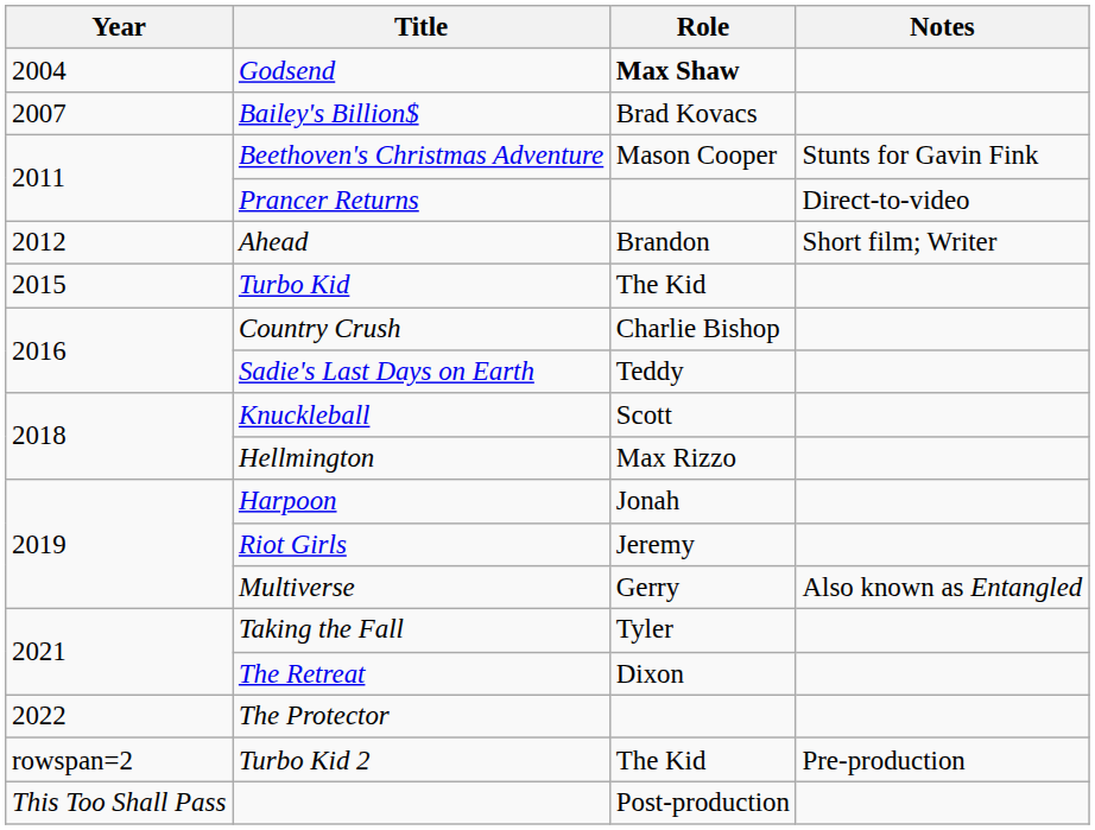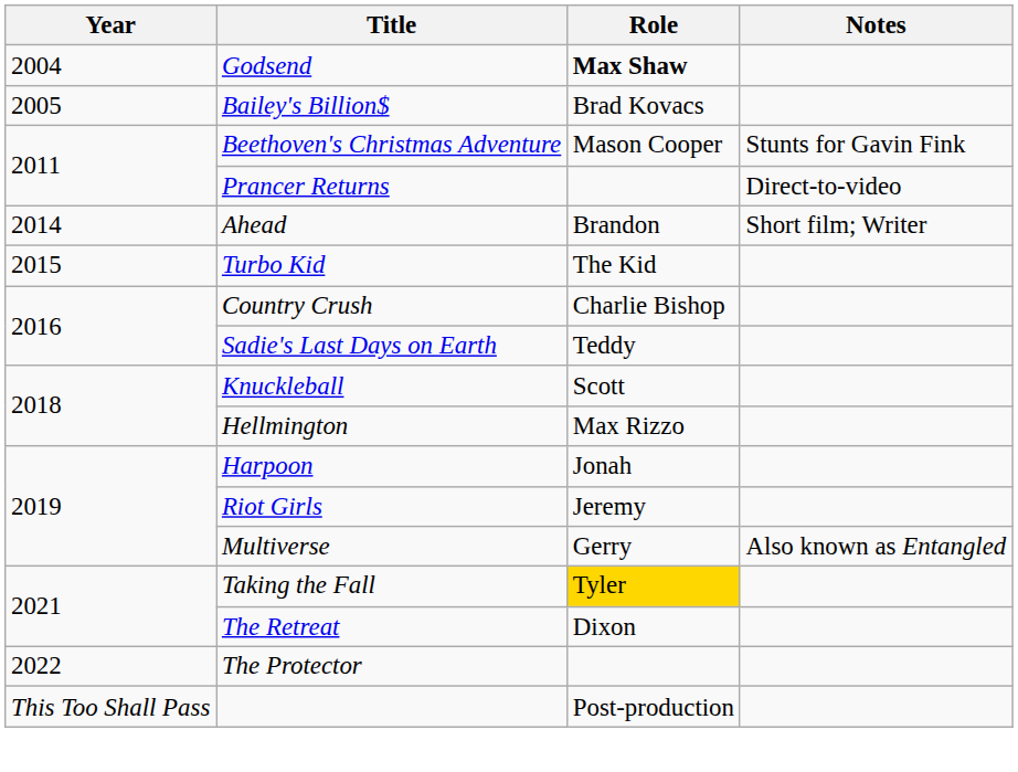 <table class="wikitable sortable">
 <tr>
 <th>Year</th>
 <th>Title</th>
 <th>Role</th>
 <th class="unsortable">Notes</th>
 </tr>
 <tr>
 <td>2004</td>
 <td><em><a href='#'>Godsend</a></em></td>
 <td><strong>Max Shaw</strong></td>
 <td></td>
 </tr>
 <tr>
-<td>2007</td>
+<td>2005</td>
 <td><em><a href='#'>Bailey's Billion$</a></em></td>
 <td>Brad Kovacs</td>
 <td></td>
 </tr>
 <tr>
 <td rowspan=2>2011</td>
 <td><em><a href='#'>Beethoven's Christmas Adventure</a></em></td>
 <td>Mason Cooper</td>
 <td>Stunts for Gavin Fink</td>
 </tr>
 <tr>
 <td><em><a href='#'>Prancer Returns</a></em></td>
 <td></td>
 <td>Direct-to-video</td>
 </tr>
 <tr>
-<td>2012</td>
+<td>2014</td>
 <td><em>Ahead</em></td>
 <td>Brandon</td>
 <td>Short film; Writer</td>
 </tr>
 <tr>
 <td>2015</td>
 <td><em><a href='#'>Turbo Kid</a></em></td>
 <td>The Kid</td>
 <td></td>
 </tr>
 <tr>
 <td rowspan=2>2016</td>
 <td><em>Country Crush</em></td>
 <td>Charlie Bishop</td>
 <td></td>
 </tr>
 <tr>
 <td><em><a href='#'>Sadie's Last Days on Earth</a></em></td>
 <td>Teddy</td>
 <td></td>
 </tr>
 <tr>
 <td rowspan=2>2018</td>
 <td><em><a href='#'>Knuckleball</a></em></td>
 <td>Scott</td>
 <td></td>
 </tr>
 <tr>
 <td><em>Hellmington</em></td>
 <td>Max Rizzo</td>
 <td></td>
 </tr>
 <tr>
 <td rowspan=3>2019</td>
 <td><em><a href='#'>Harpoon</a></em></td>
 <td>Jonah</td>
 <td></td>
 </tr>
 <tr>
 <td><em><a href='#'>Riot Girls</a></em></td>
 <td>Jeremy</td>
 <td></td>
 </tr>
 <tr>
 <td><em>Multiverse</em></td>
 <td>Gerry</td>
 <td>Also known as <em>Entangled</em></td>
 </tr>
 <tr>
 <td rowspan=2>2021</td>
 <td><em>Taking the Fall</em></td>
-<td>Tyler</td>
+<td style="background: gold;">Tyler</td>
 <td></td>
 </tr>
 <tr>
 <td data-sort-value="Retreat, The"><em><a href='#'>The Retreat</a></em></td>
 <td>Dixon</td>
 <td></td>
 </tr>
 <tr>
 <td>2022</td>
 <td data-sort-value="Protector, The"><em>The Protector</em></td>
 <td></td>
 <td></td>
 </tr>
 <tr>
-<td>rowspan=2 </td>
-<td><em>Turbo Kid 2</em></td>
-<td>The Kid</td>
-<td>Pre-production</td>
-</tr>
-<tr>
 <td><em>This Too Shall Pass</em></td>
 <td></td>
 <td>Post-production</td>
 </tr>
 </table>
